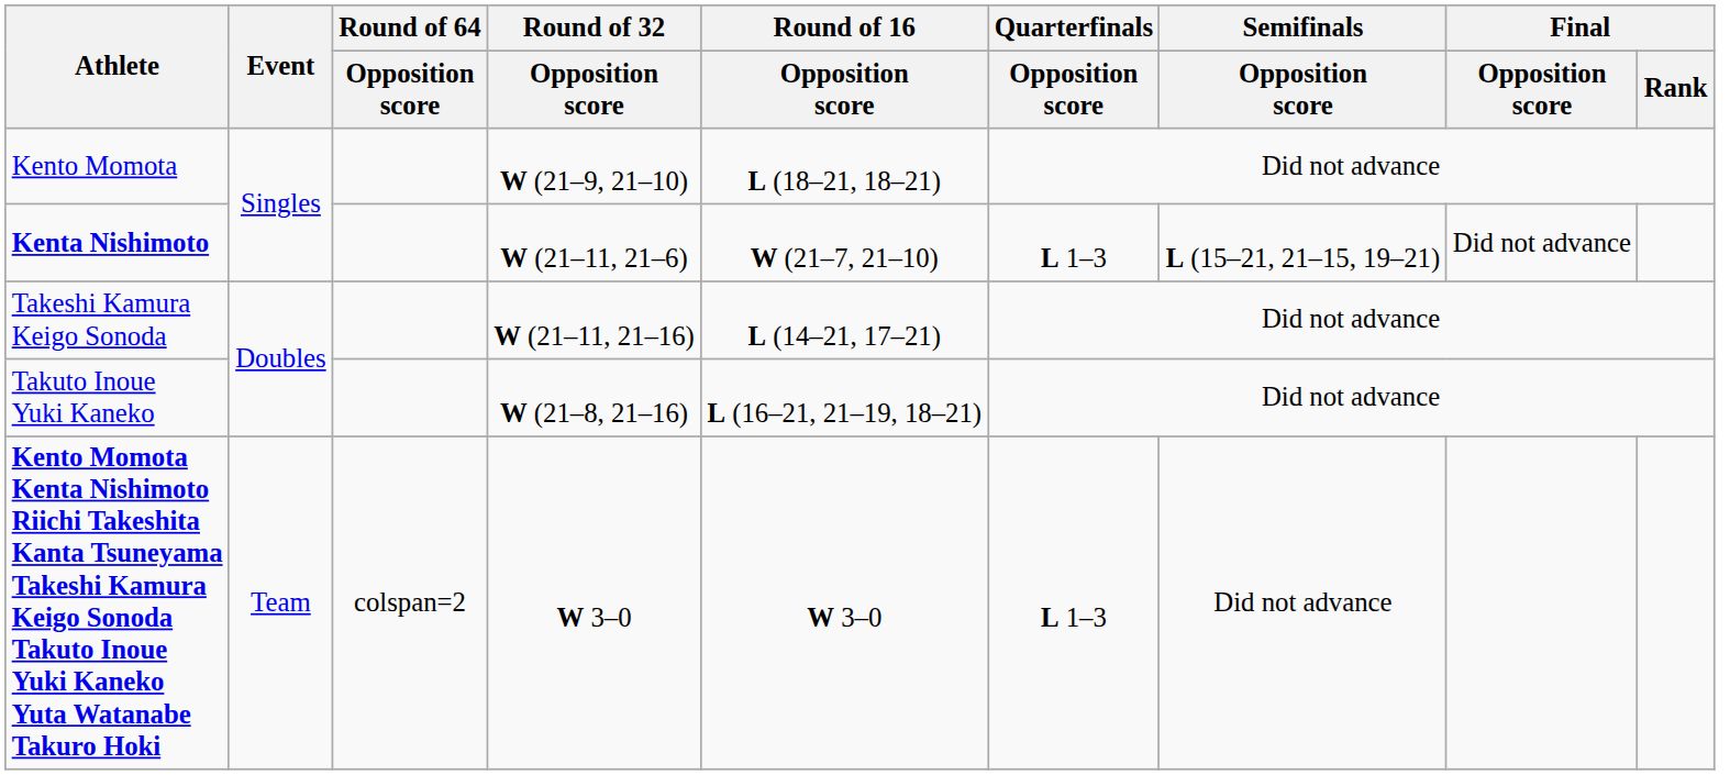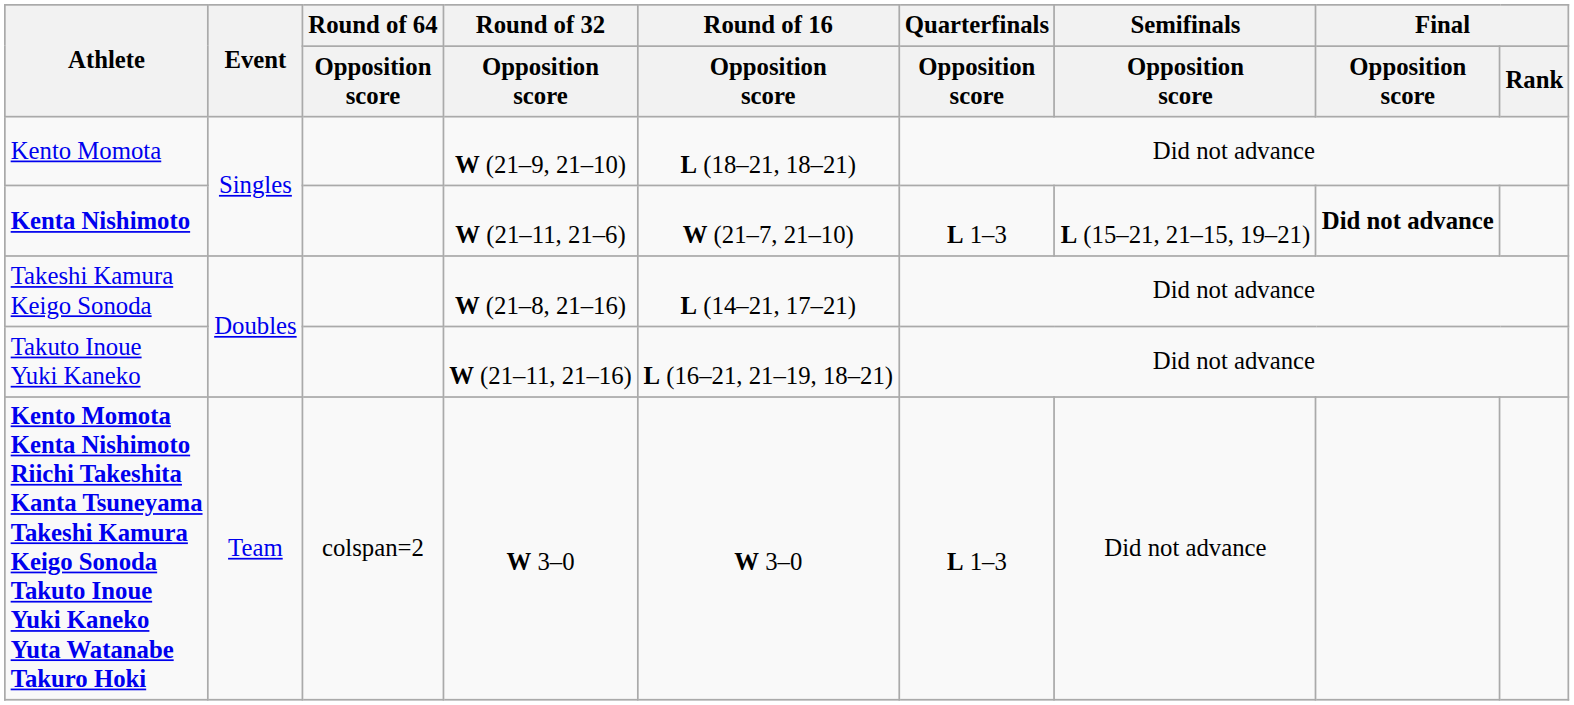 <table class=wikitable style=font-size:90%;text-align:center>
 <tr>
 <th rowspan="2">Athlete</th>
 <th rowspan="2">Event</th>
 <th>Round of 64</th>
 <th>Round of 32</th>
 <th>Round of 16</th>
 <th>Quarterfinals</th>
 <th>Semifinals</th>
 <th colspan="2">Final</th>
 </tr>
 <tr>
 <th>Opposition<br> score</th>
 <th>Opposition<br> score</th>
 <th>Opposition<br> score</th>
 <th>Opposition<br> score</th>
 <th>Opposition<br> score</th>
 <th>Opposition<br> score</th>
 <th>Rank</th>
 </tr>
 <tr>
 <td style="text-align:left"><a href='#'>Kento Momota</a></td>
 <td style="text-align:center" rowspan=2><a href='#'>Singles</a></td>
 <td></td>
 <td><br><strong>W</strong> (21–9, 21–10)</td>
 <td><br><strong>L</strong> (18–21, 18–21)</td>
 <td colspan=4>Did not advance</td>
 </tr>
 <tr>
 <td style="text-align:left"><strong><a href='#'>Kenta Nishimoto</a></strong></td>
 <td></td>
 <td><br><strong>W</strong> (21–11, 21–6)</td>
 <td><br><strong>W</strong> (21–7, 21–10)</td>
 <td><br><strong>L</strong> 1–3</td>
 <td><br><strong>L</strong> (15–21, 21–15, 19–21)</td>
-<td>Did not advance</td>
+<td><strong>Did not advance</strong></td>
 <td></td>
 </tr>
 <tr>
 <td style="text-align:left"><a href='#'>Takeshi Kamura</a> <br> <a href='#'>Keigo Sonoda</a></td>
 <td style="text-align:center" rowspan=2><a href='#'>Doubles</a></td>
 <td></td>
-<td><br><strong>W</strong> (21–11, 21–16)</td>
+<td><br><strong>W</strong> (21–8, 21–16)</td>
 <td><br><strong>L</strong> (14–21, 17–21)</td>
 <td colspan=4>Did not advance</td>
 </tr>
 <tr>
 <td style="text-align:left"><a href='#'>Takuto Inoue</a> <br> <a href='#'>Yuki Kaneko</a></td>
 <td></td>
-<td><br><strong>W</strong> (21–8, 21–16)</td>
+<td><br><strong>W</strong> (21–11, 21–16)</td>
 <td><br><strong>L</strong> (16–21, 21–19, 18–21)</td>
 <td colspan=4>Did not advance</td>
 </tr>
 <tr>
 <td style="text-align:left"><strong><a href='#'>Kento Momota</a> <br> <a href='#'>Kenta Nishimoto</a> <br> <a href='#'>Riichi Takeshita</a> <br> <a href='#'>Kanta Tsuneyama</a> <br> <a href='#'>Takeshi Kamura</a> <br> <a href='#'>Keigo Sonoda</a> <br> <a href='#'>Takuto Inoue</a> <br> <a href='#'>Yuki Kaneko</a> <br> <a href='#'>Yuta Watanabe</a> <br> <a href='#'>Takuro Hoki</a></strong></td>
 <td style="text-align:center"><a href='#'>Team</a></td>
 <td>colspan=2 </td>
 <td><br><strong>W</strong> 3–0</td>
 <td><br><strong>W</strong> 3–0</td>
 <td><br><strong>L</strong> 1–3</td>
 <td>Did not advance</td>
 <td></td>
 </tr>
 </table>
